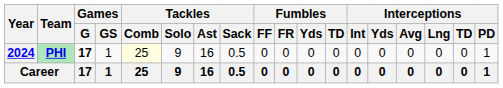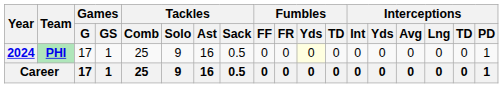 <table class="wikitable" style="text-align: center;">
 <tr>
 <th rowspan="2">Year</th>
 <th rowspan="2">Team</th>
 <th colspan="2">Games</th>
 <th colspan="4">Tackles</th>
 <th colspan="4">Fumbles</th>
 <th colspan="6">Interceptions</th>
 </tr>
 <tr>
 <th>G</th>
 <th>GS</th>
 <th>Comb</th>
 <th>Solo</th>
 <th>Ast</th>
 <th>Sack</th>
 <th>FF</th>
 <th>FR</th>
 <th>Yds</th>
 <th>TD</th>
 <th>Int</th>
 <th>Yds</th>
 <th>Avg</th>
 <th>Lng</th>
 <th>TD</th>
 <th>PD</th>
 </tr>
 <tr>
 <th><a href='#'>2024</a></th>
 <th style="background:#afe6ba;"><a href='#'>PHI</a></th>
-<td><strong>17</strong></td>
+<td>17</td>
 <td>1</td>
-<td style="background: lightyellow;">25</td>
+<td>25</td>
 <td>9</td>
 <td>16</td>
 <td>0.5</td>
 <td>0</td>
 <td>0</td>
-<td>0</td>
+<td style="background: lightyellow;">0</td>
 <td>0</td>
 <td>0</td>
 <td>0</td>
 <td>0</td>
 <td>0</td>
 <td>0</td>
 <td>1</td>
 </tr>
 <tr>
 <th colspan="2">Career</th>
 <th>17</th>
 <th>1</th>
 <th>25</th>
 <th>9</th>
 <th>16</th>
 <th>0.5</th>
 <th>0</th>
 <th>0</th>
 <th>0</th>
 <th>0</th>
 <th>0</th>
 <th>0</th>
 <th>0</th>
 <th>0</th>
 <th>0</th>
 <th>1</th>
 </tr>
 </table>
